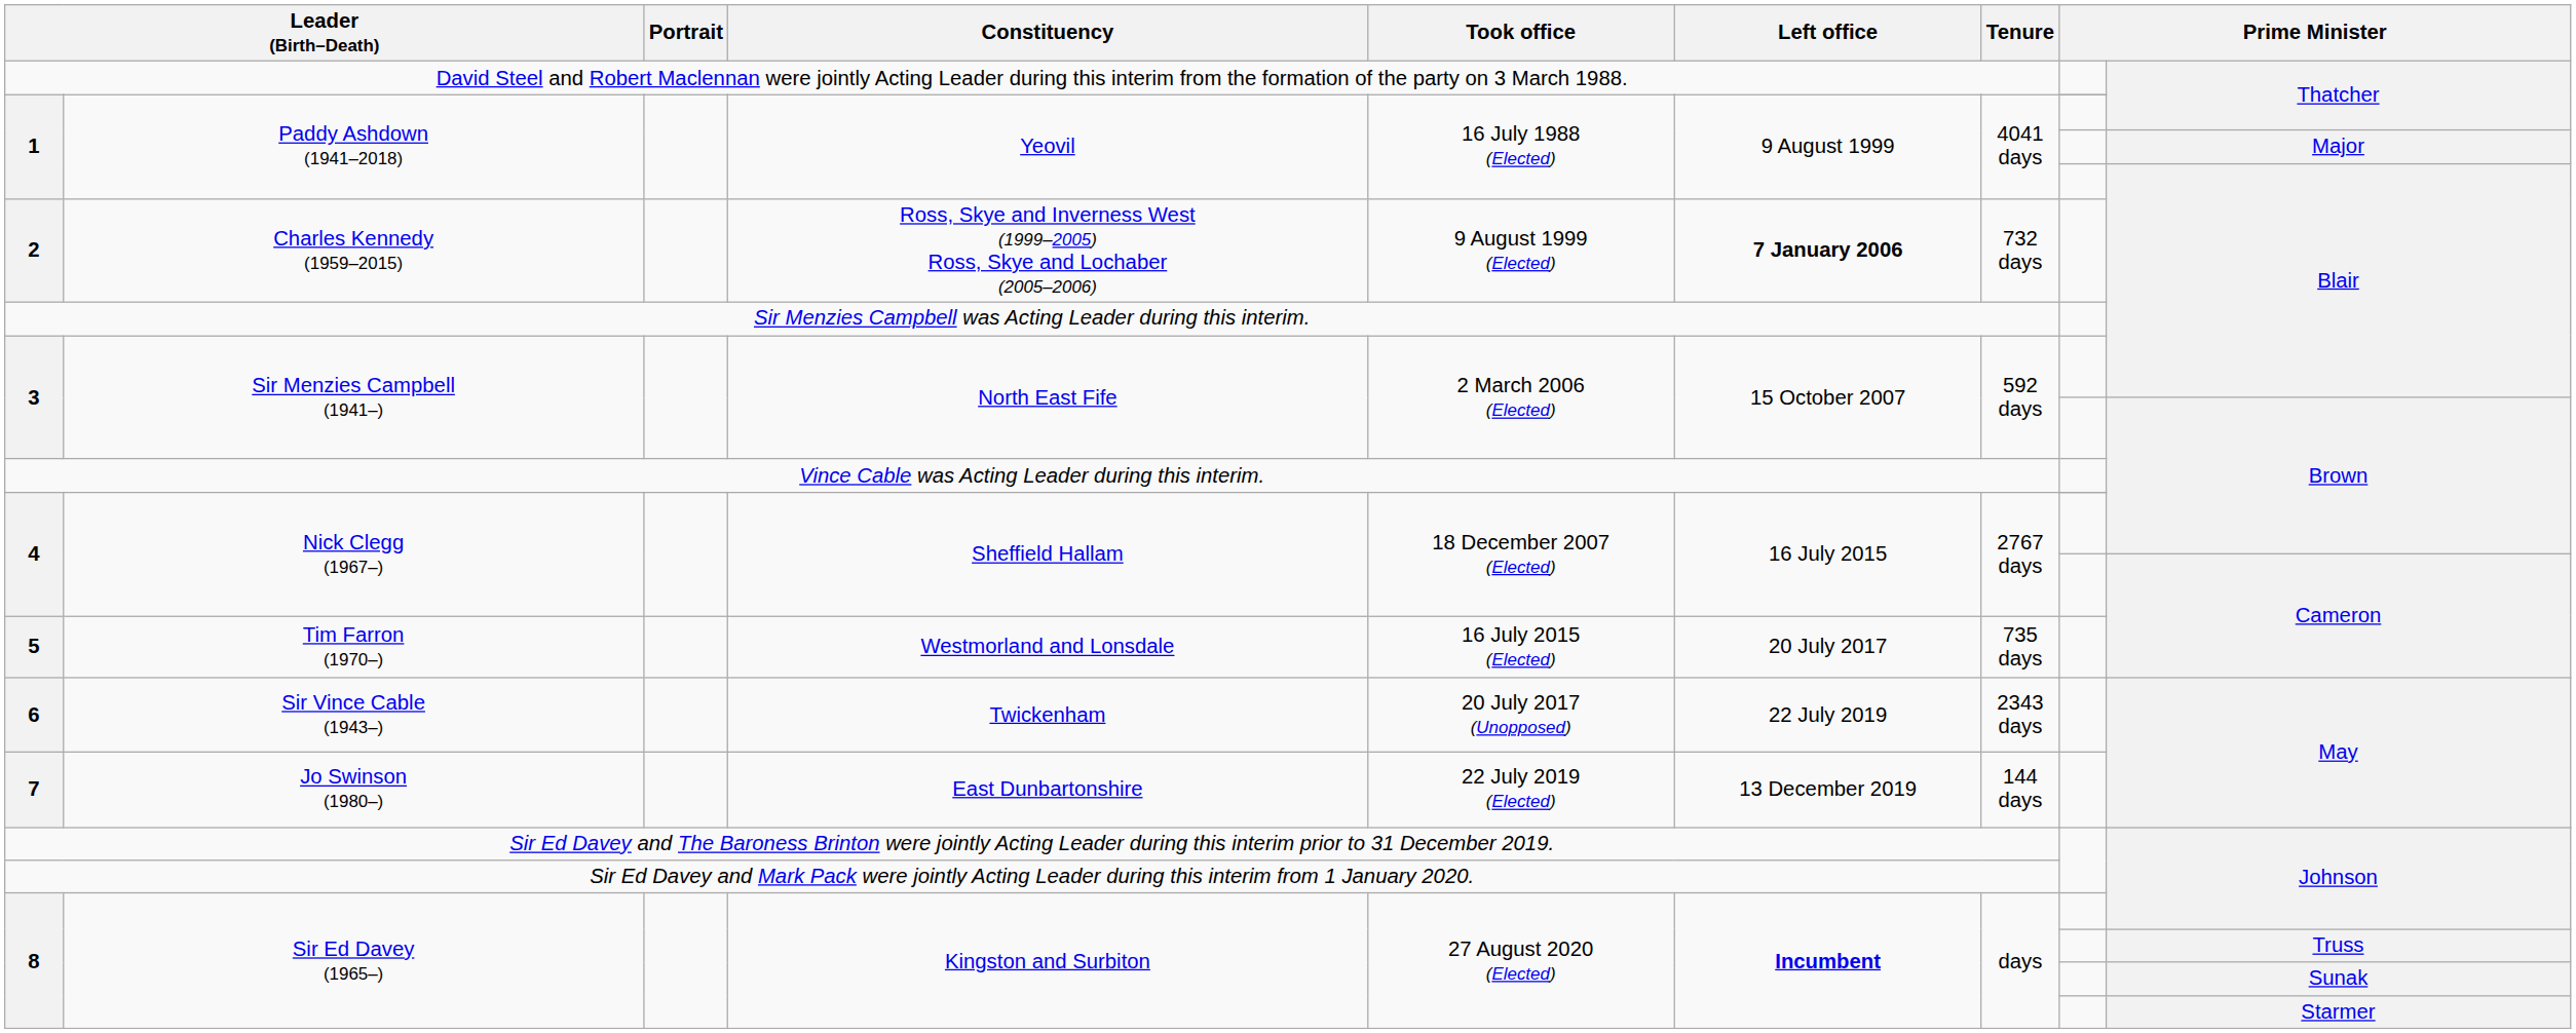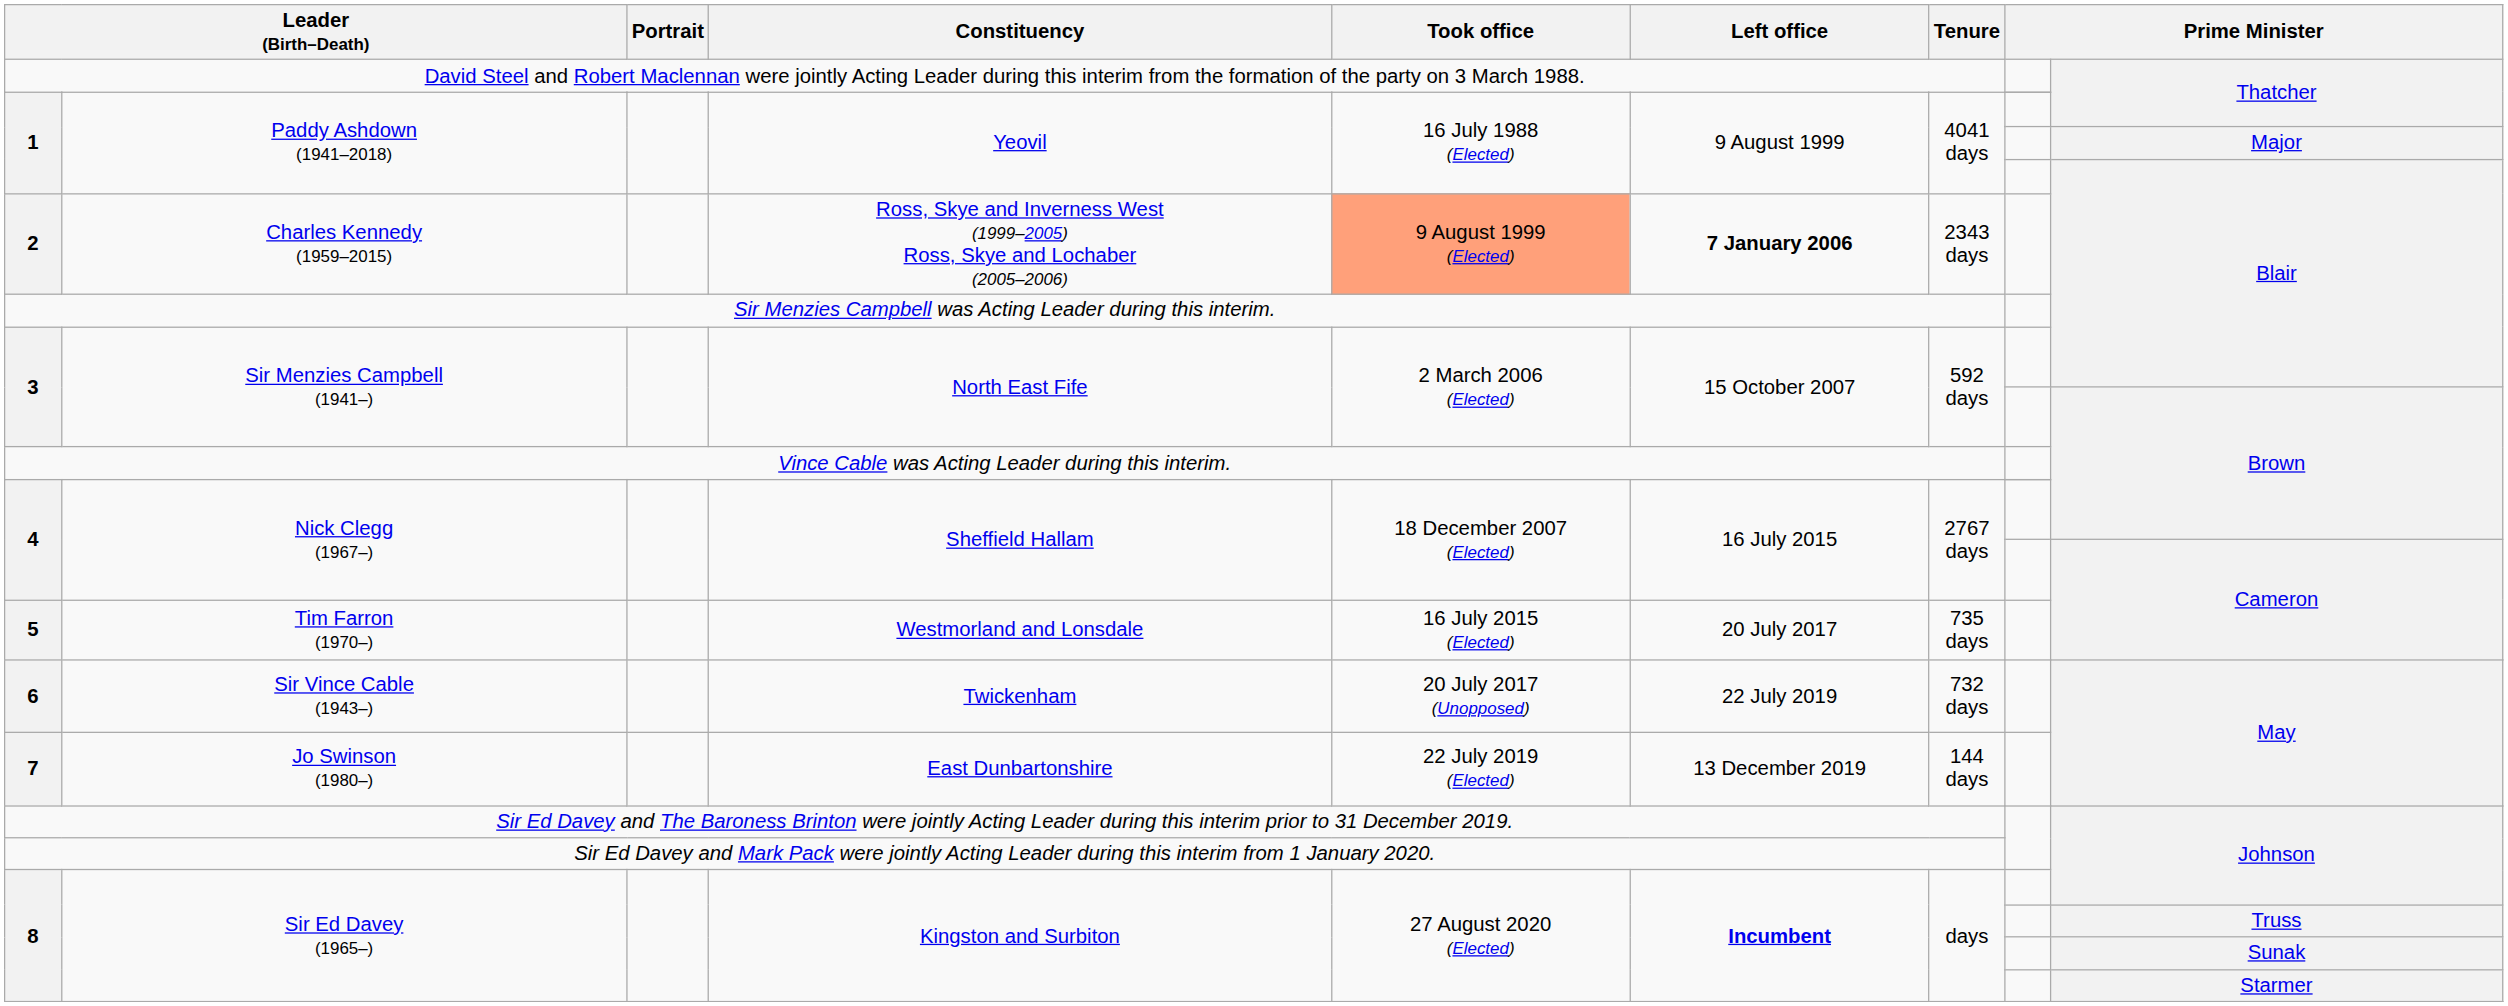 <table class="wikitable" style="text-align:center">
 <tr>
 <th colspan="2" width=25%>Leader<br><small>(Birth–Death)</small></th>
 <th width=65>Portrait</th>
 <th width=25%>Constituency</th>
 <th width=12%>Took office</th>
 <th width=12%>Left office</th>
 <th>Tenure</th>
 <th colspan="2" width="20%">Prime Minister <br></th>
 </tr>
 <tr>
 <td colspan="7"><a href='#'>David Steel</a> and <a href='#'>Robert Maclennan</a> were jointly Acting Leader during this interim from the formation of the party on 3 March 1988.</td>
 <td style="background-color: "></td>
 <th style="font-weight:normal" rowspan="3"><a href='#'>Thatcher</a><br><small></small></th>
 </tr>
 <tr>
 <th rowspan="4" style="background-color: ">1</th>
 <td rowspan="4"><a href='#'>Paddy Ashdown</a><br><small>(1941–2018)</small></td>
 <td rowspan="4"></td>
 <td rowspan="4"><a href='#'>Yeovil</a></td>
 <td rowspan="4">16 July 1988<br><small><em>(<a href='#'>Elected</a>)</em></small></td>
 <td rowspan="4">9 August 1999</td>
 <td rowspan="4">4041 days</td>
 </tr>
 <tr>
 <td height=20 style="background-color: "></td>
 </tr>
 <tr>
 <td style="background-color: "></td>
 <th style="font-weight:normal"><a href='#'>Major</a><br><small></small></th>
 </tr>
 <tr>
 <td height=20 style="background-color: "></td>
 <th style="font-weight:normal" rowspan=4><a href='#'>Blair</a> <br><small></small></th>
 </tr>
 <tr>
 <th style="background-color: ">2</th>
 <td><a href='#'>Charles Kennedy</a><br><small>(1959–2015)</small></td>
 <td></td>
 <td><a href='#'>Ross, Skye and Inverness West</a><br><small><em>(1999–<a href='#'>2005</a>)</em></small><br><a href='#'>Ross, Skye and Lochaber</a><br><small><em>(2005–2006)</em></small></td>
-<td>9 August 1999<br><small><em>(<a href='#'>Elected</a>)</em></small></td>
+<td style="background: lightsalmon;">9 August 1999<br><small><em>(<a href='#'>Elected</a>)</em></small></td>
 <td><strong>7 January 2006</strong></td>
-<td>732 days</td>
+<td>2343 days</td>
 <td style="background-color: "></td>
 </tr>
 <tr>
 <td colspan="7"><em><a href='#'>Sir Menzies Campbell</a> was Acting Leader during this interim.</em></td>
 <td style="background-color: "></td>
 </tr>
 <tr>
 <th rowspan=2 style="background-color: ">3</th>
 <td rowspan=2><a href='#'>Sir Menzies Campbell</a><br><small>(1941–)</small></td>
 <td rowspan=2></td>
 <td rowspan=2><a href='#'>North East Fife</a></td>
 <td rowspan=2>2 March 2006<br><small><em>(<a href='#'>Elected</a>)</em></small></td>
 <td rowspan=2>15 October 2007</td>
 <td rowspan="2">592 days</td>
 <td height="40" style="background-color: "></td>
 </tr>
 <tr>
 <td height=40 style="background-color: "></td>
 <th rowspan=4 style="font-weight:normal"><a href='#'>Brown</a><br> <small></small></th>
 </tr>
 <tr>
 <td colspan="7"><em><a href='#'>Vince Cable</a> was Acting Leader during this interim.</em></td>
 <td style="background-color: "></td>
 </tr>
 <tr>
 <th rowspan=3 style="background-color: ">4</th>
 <td rowspan=3><a href='#'>Nick Clegg</a><br><small>(1967–)</small></td>
 <td rowspan=3></td>
 <td rowspan=3><a href='#'>Sheffield Hallam</a></td>
 <td rowspan=3>18 December 2007<br><small><em>(<a href='#'>Elected</a>)</em></small></td>
 <td rowspan=3>16 July 2015</td>
 <td rowspan="3">2767 days</td>
 </tr>
 <tr>
 <td height=40 style="background-color: "></td>
 </tr>
 <tr>
 <td height=40 style="background-color: "></td>
 <th style="font-weight:normal" rowspan="2"><a href='#'>Cameron</a><br> <small></small></th>
 </tr>
 <tr>
 <th rowspan="2" style="background-color: ">5</th>
 <td rowspan="2"><a href='#'>Tim Farron</a><br><small>(1970–)</small></td>
 <td rowspan="2"></td>
 <td rowspan="2"><a href='#'>Westmorland and Lonsdale</a></td>
 <td rowspan="2">16 July 2015<br><small><em>(<a href='#'>Elected</a>)</em></small></td>
 <td rowspan="2">20 July 2017</td>
 <td rowspan="2">735 days</td>
 <td height="40" style="background-color: "></td>
 </tr>
 <tr>
 <td rowspan=2 height=50 style="background-color: "></td>
 <th rowspan=3 style="font-weight:normal"><a href='#'>May</a> <br><small></small></th>
 </tr>
 <tr>
 <th style="background-color: ">6</th>
 <td><a href='#'>Sir Vince Cable</a><br><small>(1943–)</small></td>
 <td></td>
 <td><a href='#'>Twickenham</a></td>
 <td>20 July 2017<br><small><em>(<a href='#'>Unopposed</a>)</em></small></td>
 <td>22 July 2019</td>
-<td>2343 days</td>
+<td>732 days</td>
 </tr>
 <tr>
 <th rowspan="2" style="background-color: ">7</th>
 <td rowspan="2"><a href='#'>Jo Swinson</a><br><small>(1980–)</small></td>
 <td rowspan="2"></td>
 <td rowspan="2"><a href='#'>East Dunbartonshire</a></td>
 <td rowspan="2">22 July 2019<br><small><em>(<a href='#'>Elected</a>)</em></small></td>
 <td rowspan="2">13 December 2019</td>
 <td rowspan="2">144 days</td>
 <td height="50" style="background-color: "></td>
 </tr>
 <tr>
 <td rowspan=3 style="background-color: "></td>
 <th rowspan=4 style="font-weight:normal"><a href='#'>Johnson</a><br> <small></small></th>
 </tr>
 <tr>
 <td colspan="7"><em><a href='#'>Sir Ed Davey</a> and <a href='#'>The Baroness Brinton</a> were jointly Acting Leader during this interim prior to 31 December 2019.</em></td>
 </tr>
 <tr>
 <td colspan="7"><em>Sir Ed Davey and <a href='#'>Mark Pack</a> were jointly Acting Leader during this interim from 1 January 2020.</em></td>
 </tr>
 <tr>
 <th rowspan="4" style="background-color: ">8</th>
 <td rowspan="4"><a href='#'>Sir Ed Davey</a><br><small>(1965–)</small></td>
 <td rowspan="4"></td>
 <td rowspan="4"><a href='#'>Kingston and Surbiton</a></td>
 <td rowspan="4">27 August 2020<br><small><em>(<a href='#'>Elected</a>)</em></small></td>
 <td rowspan="4"><strong><a href='#'>Incumbent</a></strong></td>
 <td rowspan="4"> days</td>
 <td height="20" style="background-color: "></td>
 </tr>
 <tr>
 <td style="background-color: "></td>
 <th style="font-weight:normal"><a href='#'>Truss</a><br> <small></small></th>
 </tr>
 <tr>
 <td style="background-color: "></td>
 <th style="font-weight:normal"><a href='#'>Sunak</a><br> <small></small></th>
 </tr>
 <tr>
 <td style="background-color: "></td>
 <th style="font-weight:normal"><a href='#'>Starmer</a><br> <small></small></th>
 </tr>
 <tr>
 </tr>
 </table>
